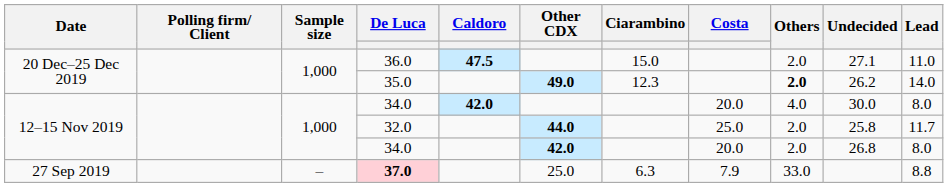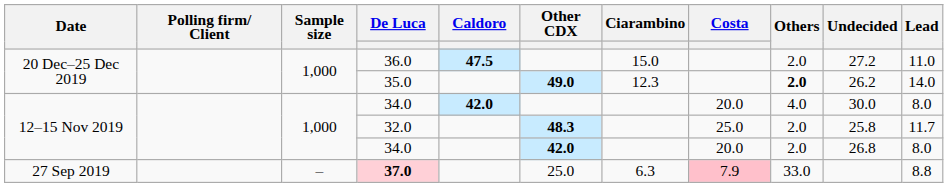 <table class="wikitable collapsible collapsed" style="text-align:center;font-size:85%;line-height:13px">
 <tr style="height:30px; background-color:#E9E9E9">
 <th rowspan="2" style="width:110px;">Date</th>
 <th rowspan="2" style="width:120px;">Polling firm/<br>Client</th>
 <th rowspan="2" style="width:60px;">Sample size</th>
 <th style="width:65px;"><a href='#'>De Luca</a></th>
 <th style="width:65px;"><a href='#'>Caldoro</a></th>
 <th style="width:65px;">Other CDX</th>
 <th style="width:65px;">Ciarambino</th>
 <th style="width:65px;"><a href='#'>Costa</a></th>
 <th rowspan="2" style="width:35px;">Others</th>
 <th rowspan="2" style="width:35px;">Undecided</th>
 <th rowspan="2" style="width:25px;">Lead</th>
 </tr>
 <tr>
 <th style="background:"></th>
 <th style="background:"></th>
 <th style="background:"></th>
 <th style="background:"></th>
 <th style="background:"></th>
 </tr>
 <tr>
 <td rowspan="2">20 Dec–25 Dec 2019</td>
 <td rowspan="2"></td>
 <td rowspan="2">1,000</td>
 <td>36.0</td>
 <td style="background:#C8EBFF"><strong>47.5</strong></td>
 <td></td>
 <td>15.0</td>
 <td></td>
 <td>2.0</td>
-<td>27.1</td>
+<td>27.2</td>
 <td style="background:">11.0</td>
 </tr>
 <tr>
 <td>35.0</td>
 <td></td>
 <td style="background:#C8EBFF"><strong>49.0</strong></td>
 <td>12.3</td>
 <td></td>
 <td><strong>2.0</strong></td>
 <td>26.2</td>
 <td style="background:">14.0</td>
 </tr>
 <tr>
 <td rowspan="3">12–15 Nov 2019</td>
 <td rowspan="3"></td>
 <td rowspan="3">1,000</td>
 <td>34.0</td>
 <td style="background:#C8EBFF"><strong>42.0</strong></td>
 <td></td>
 <td></td>
 <td>20.0</td>
 <td>4.0</td>
 <td>30.0</td>
 <td style="background:">8.0</td>
 </tr>
 <tr>
 <td>32.0</td>
 <td></td>
-<td style="background:#C8EBFF"><strong>44.0</strong></td>
+<td style="background:#C8EBFF"><strong>48.3</strong></td>
 <td></td>
 <td>25.0</td>
 <td>2.0</td>
 <td>25.8</td>
 <td style="background:">11.7</td>
 </tr>
 <tr>
 <td>34.0</td>
 <td></td>
 <td style="background:#C8EBFF"><strong>42.0</strong></td>
 <td></td>
 <td>20.0</td>
 <td>2.0</td>
 <td>26.8</td>
 <td style="background:">8.0</td>
 </tr>
 <tr>
 <td>27 Sep 2019</td>
 <td></td>
 <td>–</td>
 <td style="background:#FFD0D7"><strong>37.0</strong></td>
 <td></td>
 <td>25.0</td>
 <td>6.3</td>
-<td>7.9</td>
+<td style="background: pink;">7.9</td>
 <td>33.0</td>
 <td></td>
 <td style="background:">8.8</td>
 </tr>
 </table>
